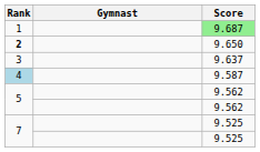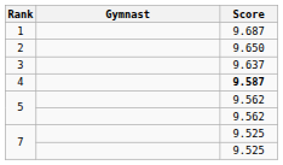 <table class="wikitable" style="text-align:center">
 <tr>
 <th>Rank</th>
 <th style="width:17em">Gymnast</th>
 <th style="width:5em">Score</th>
 </tr>
 <tr>
 <td>1</td>
 <td align=left></td>
-<td style="background: lightgreen;">9.687</td>
+<td>9.687</td>
 </tr>
 <tr>
-<td><strong>2</strong></td>
+<td>2</td>
 <td align=left></td>
 <td>9.650</td>
 </tr>
 <tr>
 <td>3</td>
 <td align=left></td>
 <td>9.637</td>
 </tr>
 <tr>
-<td style="background: lightblue;">4</td>
+<td>4</td>
 <td align=left></td>
-<td>9.587</td>
+<td><strong>9.587</strong></td>
 </tr>
 <tr>
 <td rowspan=2>5</td>
 <td align=left></td>
 <td>9.562</td>
 </tr>
 <tr>
 <td align=left></td>
 <td>9.562</td>
 </tr>
 <tr>
 <td rowspan=2>7</td>
 <td align=left></td>
 <td>9.525</td>
 </tr>
 <tr>
 <td align=left></td>
 <td>9.525</td>
 </tr>
 </table>
